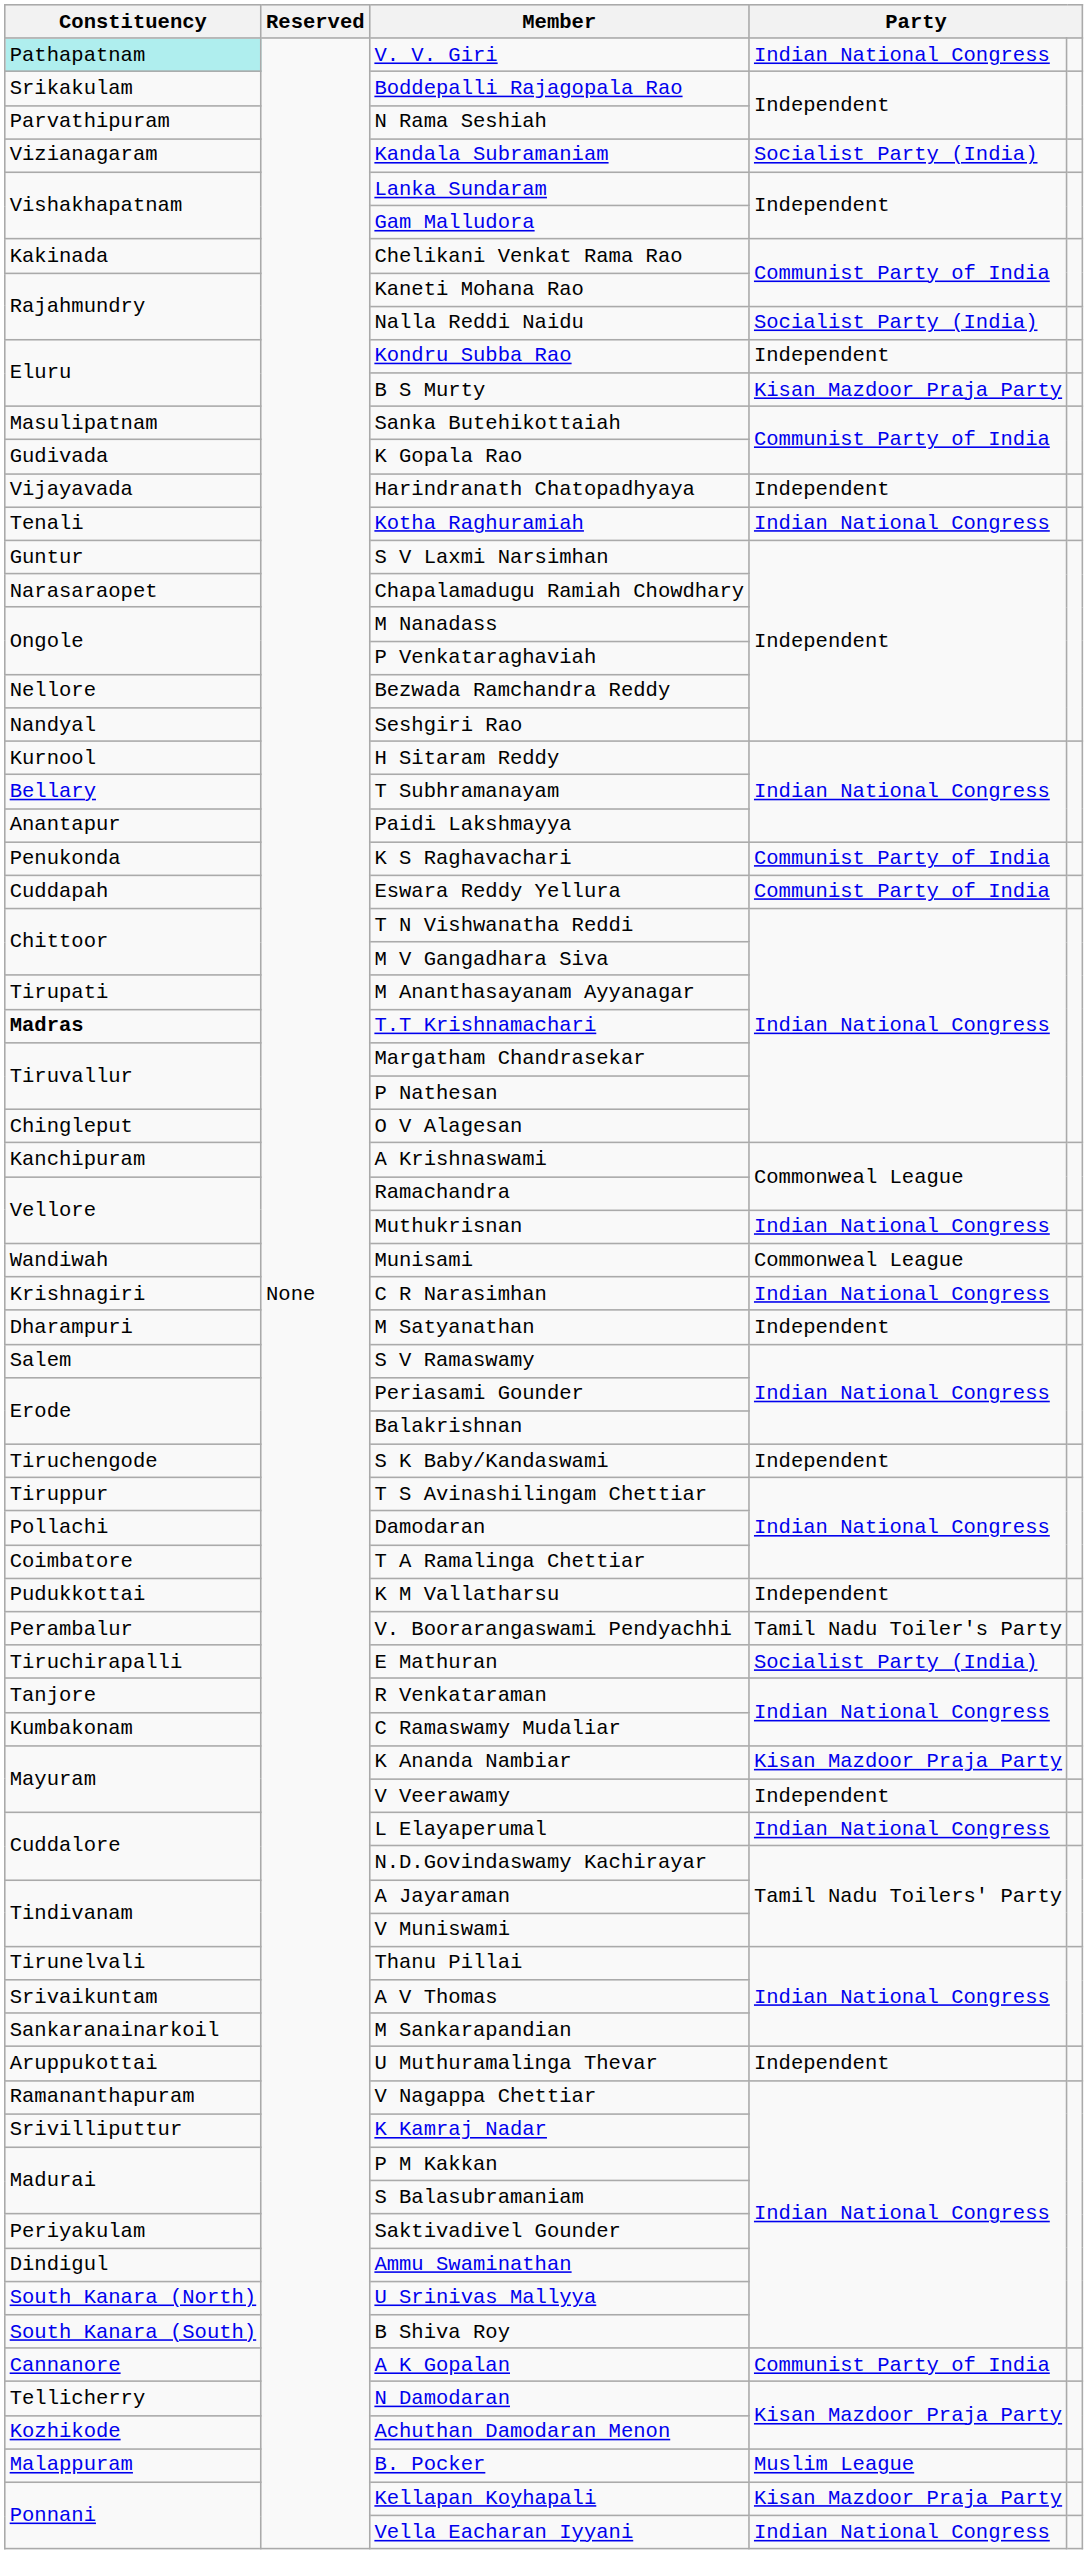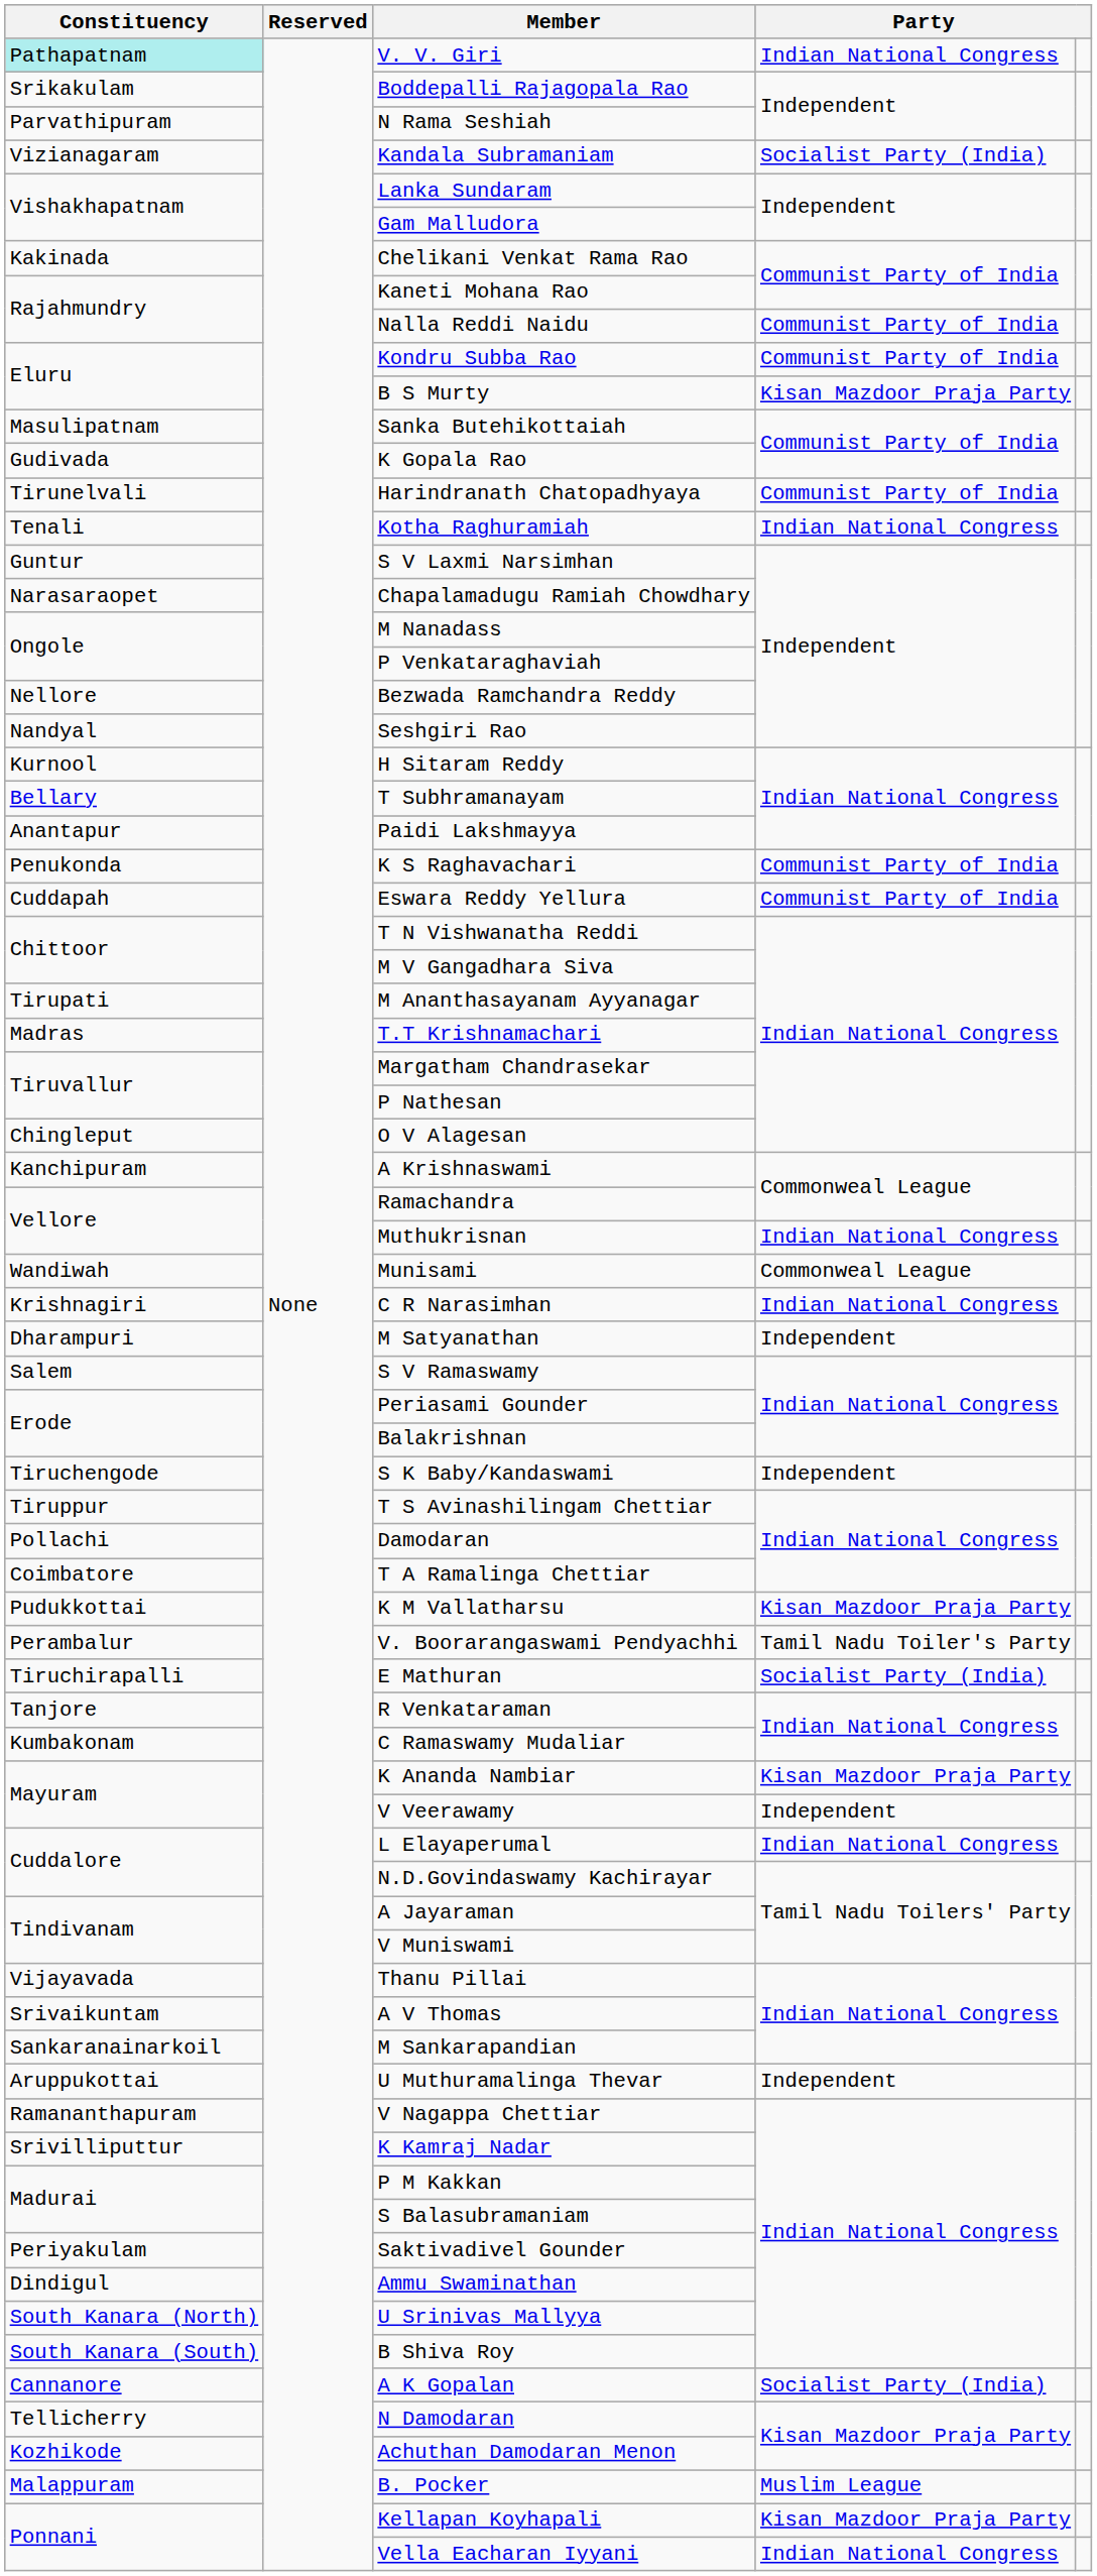 <table class="wikitable">
 <tr>
 <th>Constituency</th>
 <th>Reserved</th>
 <th>Member</th>
 <th colspan=2>Party</th>
 </tr>
 <tr>
 <td style="background: paleturquoise;">Pathapatnam</td>
 <td rowspan=75>None</td>
 <td><a href='#'>V. V. Giri</a></td>
 <td><a href='#'>Indian National Congress</a></td>
 <td width="4px" style="background-color: "></td>
 </tr>
 <tr>
 <td>Srikakulam</td>
 <td><a href='#'>Boddepalli Rajagopala Rao</a></td>
 <td rowspan=2>Independent</td>
 <td rowspan=2></td>
 </tr>
 <tr>
 <td>Parvathipuram</td>
 <td>N Rama Seshiah</td>
 </tr>
 <tr>
 <td>Vizianagaram</td>
 <td><a href='#'>Kandala Subramaniam</a></td>
 <td><a href='#'>Socialist Party (India)</a></td>
 <td width="4px" style="background-color: "></td>
 </tr>
 <tr>
 <td rowspan=2>Vishakhapatnam</td>
 <td><a href='#'>Lanka Sundaram</a></td>
 <td rowspan=2>Independent</td>
 <td rowspan=2></td>
 </tr>
 <tr>
 <td><a href='#'>Gam Malludora</a></td>
 </tr>
 <tr>
 <td>Kakinada</td>
 <td>Chelikani Venkat Rama Rao</td>
 <td rowspan=2><a href='#'>Communist Party of India</a></td>
 <td rowspan=2 width="4px" style="background-color: "></td>
 </tr>
 <tr>
 <td rowspan=2>Rajahmundry</td>
 <td>Kaneti Mohana Rao</td>
 </tr>
 <tr>
 <td>Nalla Reddi Naidu</td>
-<td><a href='#'>Socialist Party (India)</a></td>
+<td><a href='#'>Communist Party of India</a></td>
 <td width="4px" style="background-color: "></td>
 </tr>
 <tr>
 <td rowspan=2>Eluru</td>
 <td><a href='#'>Kondru Subba Rao</a></td>
-<td>Independent</td>
+<td><a href='#'>Communist Party of India</a></td>
 <td width="4px" style="background-color: "></td>
 </tr>
 <tr>
 <td>B S Murty</td>
 <td><a href='#'>Kisan Mazdoor Praja Party</a></td>
 <td width="4px" style="background-color: "></td>
 </tr>
 <tr>
 <td>Masulipatnam</td>
 <td>Sanka Butehikottaiah</td>
 <td rowspan=2><a href='#'>Communist Party of India</a></td>
 <td rowspan=2 width="4px" style="background-color: "></td>
 </tr>
 <tr>
 <td>Gudivada</td>
 <td>K Gopala Rao</td>
 </tr>
 <tr>
-<td>Vijayavada</td>
+<td>Tirunelvali</td>
 <td>Harindranath Chatopadhyaya</td>
-<td>Independent</td>
+<td><a href='#'>Communist Party of India</a></td>
 <td></td>
 </tr>
 <tr>
 <td>Tenali</td>
 <td><a href='#'>Kotha Raghuramiah</a></td>
 <td><a href='#'>Indian National Congress</a></td>
 <td width="4px" style="background-color: "></td>
 </tr>
 <tr>
 <td>Guntur</td>
 <td>S V Laxmi Narsimhan</td>
 <td rowspan=6>Independent</td>
 <td rowspan=6></td>
 </tr>
 <tr>
 <td>Narasaraopet</td>
 <td>Chapalamadugu Ramiah Chowdhary</td>
 </tr>
 <tr>
 <td rowspan=2>Ongole</td>
 <td>M Nanadass</td>
 </tr>
 <tr>
 <td>P Venkataraghaviah</td>
 </tr>
 <tr>
 <td>Nellore</td>
 <td>Bezwada Ramchandra Reddy</td>
 </tr>
 <tr>
 <td>Nandyal</td>
 <td>Seshgiri Rao</td>
 </tr>
 <tr>
 <td>Kurnool</td>
 <td>H Sitaram Reddy</td>
 <td rowspan=3><a href='#'>Indian National Congress</a></td>
 <td rowspan=3 width="4px" style="background-color: "></td>
 </tr>
 <tr>
 <td><a href='#'>Bellary</a></td>
 <td>T Subhramanayam</td>
 </tr>
 <tr>
 <td>Anantapur</td>
 <td>Paidi Lakshmayya</td>
 </tr>
 <tr>
 <td>Penukonda</td>
 <td>K S Raghavachari</td>
 <td><a href='#'>Communist Party of India</a></td>
 <td width="4px" style="background-color: "></td>
 </tr>
 <tr>
 <td>Cuddapah</td>
 <td>Eswara Reddy Yellura</td>
 <td><a href='#'>Communist Party of India</a></td>
 <td width="4px" style="background-color: "></td>
 </tr>
 <tr>
 <td rowspan=2>Chittoor</td>
 <td>T N Vishwanatha Reddi</td>
 <td rowspan=7><a href='#'>Indian National Congress</a></td>
 <td rowspan=7 width="4px" style="background-color: "></td>
 </tr>
 <tr>
 <td>M V Gangadhara Siva</td>
 </tr>
 <tr>
 <td>Tirupati</td>
 <td>M Ananthasayanam Ayyanagar</td>
 </tr>
 <tr>
-<td><strong>Madras</strong></td>
+<td>Madras</td>
 <td><a href='#'>T.T Krishnamachari</a></td>
 </tr>
 <tr>
 <td rowspan=2>Tiruvallur</td>
 <td>Margatham Chandrasekar</td>
 </tr>
 <tr>
 <td>P Nathesan</td>
 </tr>
 <tr>
 <td>Chingleput</td>
 <td>O V Alagesan</td>
 </tr>
 <tr>
 <td>Kanchipuram</td>
 <td>A Krishnaswami</td>
 <td rowspan=2>Commonweal League</td>
 <td rowspan=2></td>
 </tr>
 <tr>
 <td rowspan=2>Vellore</td>
 <td>Ramachandra</td>
 </tr>
 <tr>
 <td>Muthukrisnan</td>
 <td><a href='#'>Indian National Congress</a></td>
 <td width="4px" style="background-color: "></td>
 </tr>
 <tr>
 <td>Wandiwah</td>
 <td>Munisami</td>
 <td>Commonweal League</td>
 <td></td>
 </tr>
 <tr>
 <td>Krishnagiri</td>
 <td>C R Narasimhan</td>
 <td><a href='#'>Indian National Congress</a></td>
 <td width="4px" style="background-color: "></td>
 </tr>
 <tr>
 <td>Dharampuri</td>
 <td>M Satyanathan</td>
 <td>Independent</td>
 <td></td>
 </tr>
 <tr>
 <td>Salem</td>
 <td>S V Ramaswamy</td>
 <td rowspan=3><a href='#'>Indian National Congress</a></td>
 <td rowspan=3 width="4px" style="background-color: "></td>
 </tr>
 <tr>
 <td rowspan=2>Erode</td>
 <td>Periasami Gounder</td>
 </tr>
 <tr>
 <td>Balakrishnan</td>
 </tr>
 <tr>
 <td>Tiruchengode</td>
 <td>S K Baby/Kandaswami</td>
 <td>Independent</td>
 <td></td>
 </tr>
 <tr>
 <td>Tiruppur</td>
 <td>T S Avinashilingam Chettiar</td>
 <td rowspan=3><a href='#'>Indian National Congress</a></td>
 <td rowspan=3 width="4px" style="background-color: "></td>
 </tr>
 <tr>
 <td>Pollachi</td>
 <td>Damodaran</td>
 </tr>
 <tr>
 <td>Coimbatore</td>
 <td>T A Ramalinga Chettiar</td>
 </tr>
 <tr>
 <td>Pudukkottai</td>
 <td>K M Vallatharsu</td>
-<td>Independent</td>
+<td><a href='#'>Kisan Mazdoor Praja Party</a></td>
 <td width="4px" style="background-color: "></td>
 </tr>
 <tr>
 <td>Perambalur</td>
 <td>V. Boorarangaswami Pendyachhi</td>
 <td>Tamil Nadu Toiler's Party</td>
 <td></td>
 </tr>
 <tr>
 <td>Tiruchirapalli</td>
 <td>E Mathuran</td>
 <td><a href='#'>Socialist Party (India)</a></td>
 <td></td>
 </tr>
 <tr>
 <td>Tanjore</td>
 <td>R Venkataraman</td>
 <td rowspan=2><a href='#'>Indian National Congress</a></td>
 <td rowspan=2 width="4px" style="background-color: "></td>
 </tr>
 <tr>
 <td>Kumbakonam</td>
 <td>C Ramaswamy Mudaliar</td>
 </tr>
 <tr>
 <td rowspan=2>Mayuram</td>
 <td>K Ananda Nambiar</td>
 <td><a href='#'>Kisan Mazdoor Praja Party</a></td>
 <td width="4px" style="background-color: "></td>
 </tr>
 <tr>
 <td>V Veerawamy</td>
 <td>Independent</td>
 <td></td>
 </tr>
 <tr>
 <td rowspan=2>Cuddalore</td>
 <td>L Elayaperumal</td>
 <td><a href='#'>Indian National Congress</a></td>
 <td width="4px" style="background-color: "></td>
 </tr>
 <tr>
 <td>N.D.Govindaswamy Kachirayar</td>
 <td rowspan=3>Tamil Nadu Toilers' Party</td>
 <td rowspan=3></td>
 </tr>
 <tr>
 <td rowspan=2>Tindivanam</td>
 <td>A Jayaraman</td>
 </tr>
 <tr>
 <td>V Muniswami</td>
 </tr>
 <tr>
-<td>Tirunelvali</td>
+<td>Vijayavada</td>
 <td>Thanu Pillai</td>
 <td rowspan=3><a href='#'>Indian National Congress</a></td>
 <td rowspan=3 width="4px" style="background-color: "></td>
 </tr>
 <tr>
 <td>Srivaikuntam</td>
 <td>A V Thomas</td>
 </tr>
 <tr>
 <td>Sankaranainarkoil</td>
 <td>M Sankarapandian</td>
 </tr>
 <tr>
 <td>Aruppukottai</td>
 <td>U Muthuramalinga Thevar</td>
 <td>Independent</td>
 <td></td>
 </tr>
 <tr>
 <td>Ramananthapuram</td>
 <td>V Nagappa Chettiar</td>
 <td rowspan=8><a href='#'>Indian National Congress</a></td>
 <td rowspan=8 width="4px" style="background-color: "></td>
 </tr>
 <tr>
 <td>Srivilliputtur</td>
 <td><a href='#'>K Kamraj Nadar</a></td>
 </tr>
 <tr>
 <td rowspan=2>Madurai</td>
 <td>P M Kakkan</td>
 </tr>
 <tr>
 <td>S Balasubramaniam</td>
 </tr>
 <tr>
 <td>Periyakulam</td>
 <td>Saktivadivel Gounder</td>
 </tr>
 <tr>
 <td>Dindigul</td>
 <td><a href='#'>Ammu Swaminathan</a></td>
 </tr>
 <tr>
 <td><a href='#'>South Kanara (North)</a></td>
 <td><a href='#'>U Srinivas Mallyya</a></td>
 </tr>
 <tr>
 <td><a href='#'>South Kanara (South)</a></td>
 <td>B Shiva Roy</td>
 </tr>
 <tr>
 <td><a href='#'>Cannanore</a></td>
 <td><a href='#'>A K Gopalan</a></td>
-<td><a href='#'>Communist Party of India</a></td>
+<td><a href='#'>Socialist Party (India)</a></td>
 <td width="4px" style="background-color: "></td>
 </tr>
 <tr>
 <td>Tellicherry</td>
 <td><a href='#'>N Damodaran</a></td>
 <td rowspan=2><a href='#'>Kisan Mazdoor Praja Party</a></td>
 <td rowspan=2 width="4px" style="background-color: "></td>
 </tr>
 <tr>
 <td><a href='#'>Kozhikode</a></td>
 <td><a href='#'>Achuthan Damodaran Menon</a></td>
 </tr>
 <tr>
 <td><a href='#'>Malappuram</a></td>
 <td><a href='#'>B. Pocker</a></td>
 <td><a href='#'>Muslim League</a></td>
 <td width="4px" style="background-color: "></td>
 </tr>
 <tr>
 <td rowspan=2><a href='#'>Ponnani</a></td>
 <td><a href='#'>Kellapan Koyhapali</a></td>
 <td><a href='#'>Kisan Mazdoor Praja Party</a></td>
 <td width="4px" style="background-color: "></td>
 </tr>
 <tr>
 <td><a href='#'>Vella Eacharan Iyyani</a></td>
 <td><a href='#'>Indian National Congress</a></td>
 <td width="4px" style="background-color: "></td>
 </tr>
 </table>
